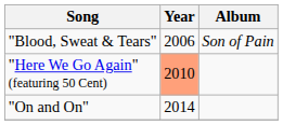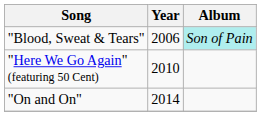 <table class="wikitable">
 <tr>
 <th>Song</th>
 <th>Year</th>
 <th>Album</th>
 </tr>
 <tr>
 <td>"Blood, Sweat & Tears"</td>
 <td rowspan="1">2006</td>
-<td rowspan="1"><em>Son of Pain</em></td>
+<td rowspan="1" style="background: paleturquoise;"><em>Son of Pain</em></td>
 </tr>
 <tr>
 <td>"<a href='#'>Here We Go Again</a>"<br><small>(featuring 50 Cent)</small></td>
-<td style="background: lightsalmon;">2010</td>
+<td>2010</td>
 <td></td>
 </tr>
 <tr>
 <td>"On and On"</td>
 <td>2014</td>
 <td></td>
 </tr>
 <tr>
 </tr>
 </table>
